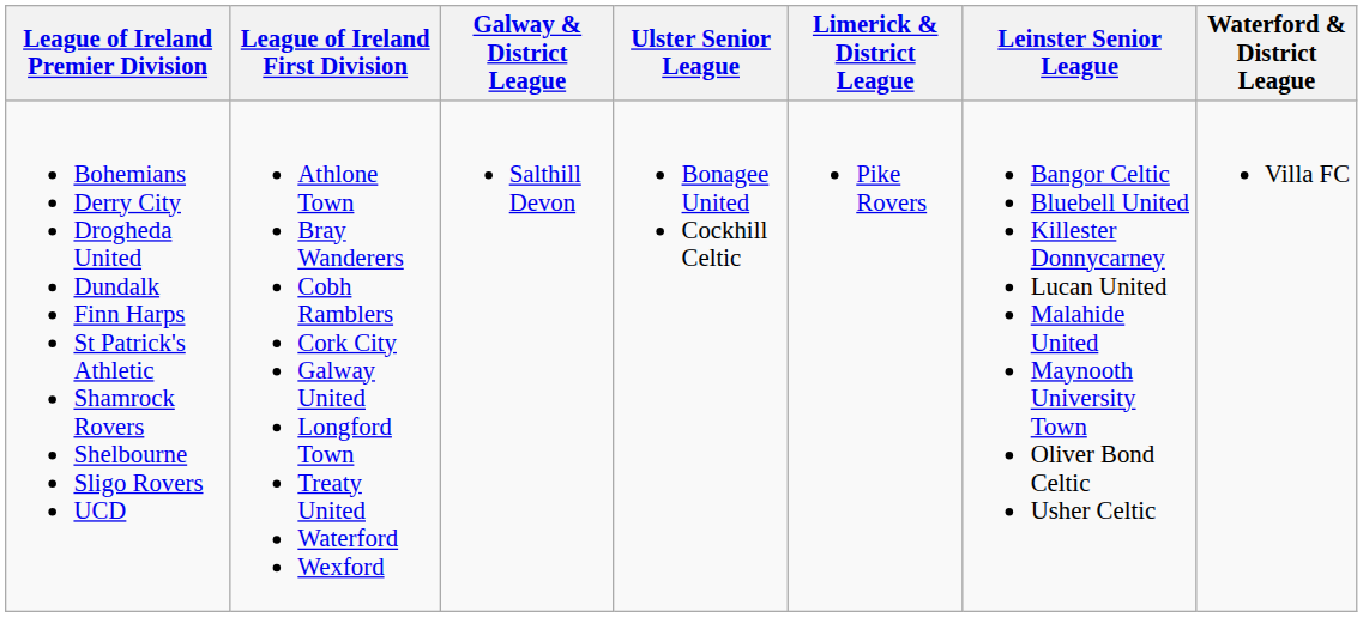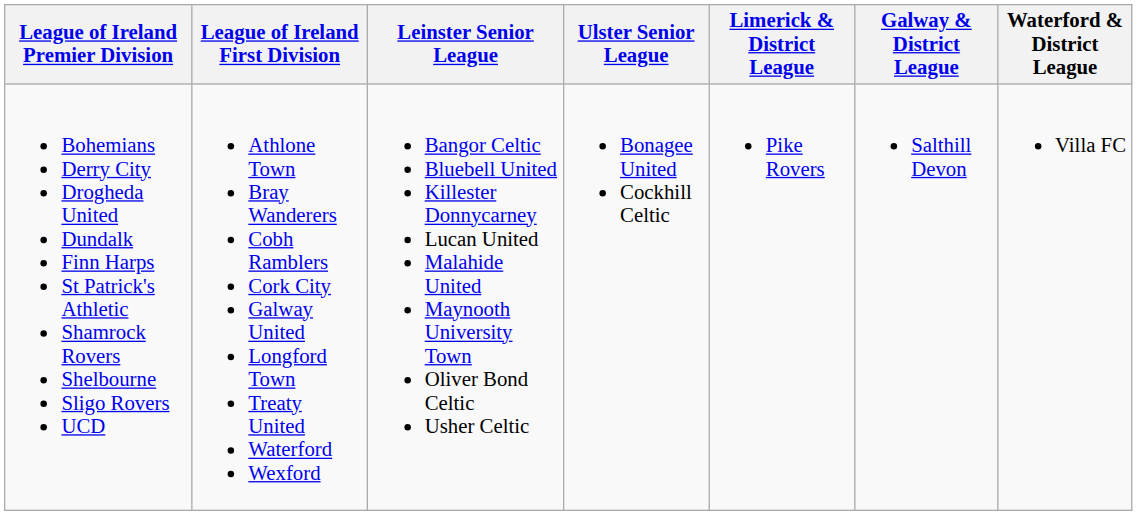 <table class="wikitable">
 <tr>
 <th><a href='#'>League of Ireland Premier Division</a></th>
 <th><a href='#'>League of Ireland First Division</a></th>
-<th><a href='#'>Galway & District League</a></th>
+<th><a href='#'>Leinster Senior League</a></th>
 <th><a href='#'>Ulster Senior League</a></th>
 <th><a href='#'>Limerick & District League</a></th>
-<th><a href='#'>Leinster Senior League</a></th>
+<th><a href='#'>Galway & District League</a></th>
 <th>Waterford & District League</th>
 </tr>
 <tr>
 <td valign="top"><br><ul><li><a href='#'>Bohemians</a></li><li><a href='#'>Derry City</a></li><li><a href='#'>Drogheda United</a></li><li><a href='#'>Dundalk</a></li><li><a href='#'>Finn Harps</a></li><li><a href='#'>St Patrick's Athletic</a></li><li><a href='#'>Shamrock Rovers</a></li><li><a href='#'>Shelbourne</a></li><li><a href='#'>Sligo Rovers</a></li><li><a href='#'>UCD</a></li></ul></td>
 <td valign="top"><br><ul><li><a href='#'>Athlone Town</a></li><li><a href='#'>Bray Wanderers</a></li><li><a href='#'>Cobh Ramblers</a></li><li><a href='#'>Cork City</a></li><li><a href='#'>Galway United</a></li><li><a href='#'>Longford Town</a></li><li><a href='#'>Treaty United</a></li><li><a href='#'>Waterford</a></li><li><a href='#'>Wexford</a></li></ul></td>
-<td valign="top"><br><ul><li><a href='#'>Salthill Devon</a></li></ul></td>
+<td valign="top"><br><ul><li><a href='#'>Bangor Celtic</a></li><li><a href='#'>Bluebell United</a></li><li><a href='#'>Killester Donnycarney</a></li><li>Lucan United</li><li><a href='#'>Malahide United</a></li><li><a href='#'>Maynooth University Town</a></li><li>Oliver Bond Celtic</li><li>Usher Celtic</li></ul></td>
 <td valign="top"><br><ul><li><a href='#'>Bonagee United</a></li><li>Cockhill Celtic</li></ul></td>
 <td valign="top"><br><ul><li><a href='#'>Pike Rovers</a></li></ul></td>
-<td valign="top"><br><ul><li><a href='#'>Bangor Celtic</a></li><li><a href='#'>Bluebell United</a></li><li><a href='#'>Killester Donnycarney</a></li><li>Lucan United</li><li><a href='#'>Malahide United</a></li><li><a href='#'>Maynooth University Town</a></li><li>Oliver Bond Celtic</li><li>Usher Celtic</li></ul></td>
+<td valign="top"><br><ul><li><a href='#'>Salthill Devon</a></li></ul></td>
 <td valign="top"><br><ul><li>Villa FC</li></ul></td>
 </tr>
 </table>
